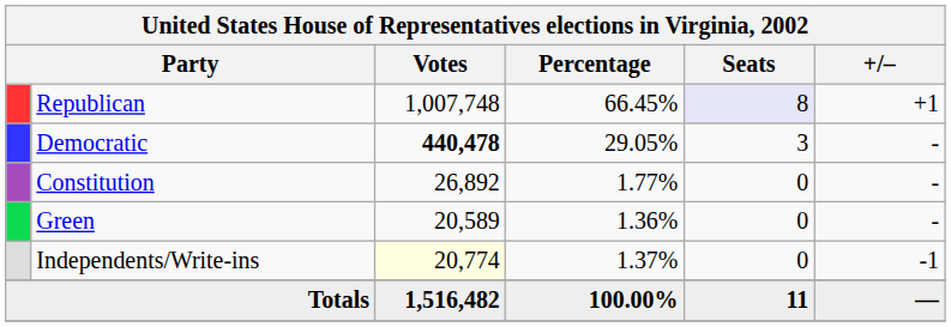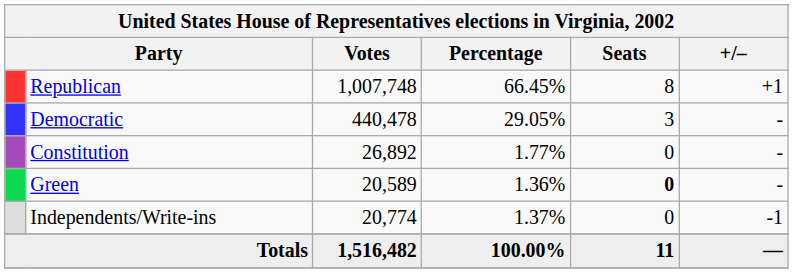 <table class="wikitable" style="font-size: 95%;">
 <tr>
 <th colspan="6">United States House of Representatives elections in Virginia, 2002</th>
 </tr>
 <tr>
 <th colspan=2 style="width: 15em">Party</th>
 <th style="width: 5em">Votes</th>
 <th style="width: 7em">Percentage</th>
 <th style="width: 5em">Seats</th>
 <th style="width: 5em">+/–</th>
 </tr>
 <tr>
 <th style="background-color:#FF3333; width: 3px"></th>
 <td style="width: 130px"><a href='#'>Republican</a></td>
 <td align="right">1,007,748</td>
 <td align="right">66.45%</td>
-<td align="right" style="background: lavender;">8</td>
+<td align="right">8</td>
 <td align="right">+1</td>
 </tr>
 <tr>
 <th style="background-color:#3333FF; width: 3px"></th>
 <td style="width: 130px"><a href='#'>Democratic</a></td>
-<td align="right"><strong>440,478</strong></td>
+<td align="right">440,478</td>
 <td align="right">29.05%</td>
 <td align="right">3</td>
 <td align="right">-</td>
 </tr>
 <tr>
 <th style="background-color:#A54CBA; width: 3px"></th>
 <td style="width: 130px"><a href='#'>Constitution</a></td>
 <td align="right">26,892</td>
 <td align="right">1.77%</td>
 <td align="right">0</td>
 <td align="right">-</td>
 </tr>
 <tr>
 <th style="background-color:#0BDA51; width: 3px"></th>
 <td style="width: 130px"><a href='#'>Green</a></td>
 <td align="right">20,589</td>
 <td align="right">1.36%</td>
-<td align="right">0</td>
+<td align="right"><strong>0</strong></td>
 <td align="right">-</td>
 </tr>
 <tr>
 <th style="background-color:#DDDDDD; width: 3px"></th>
 <td style="width: 130px">Independents/Write-ins</td>
-<td align="right" style="background: lightyellow;">20,774</td>
+<td align="right">20,774</td>
 <td align="right">1.37%</td>
 <td align="right">0</td>
 <td align="right">-1</td>
 </tr>
 <tr>
 </tr>
 <tr bgcolor="#EEEEEE">
 <td colspan="2" align="right"><strong>Totals</strong></td>
 <td align="right"><strong>1,516,482</strong></td>
 <td align="right"><strong>100.00%</strong></td>
 <td align="right"><strong>11</strong></td>
 <td align="right"><strong>—</strong></td>
 </tr>
 <tr bgcolor="#EEEEEE">
 </tr>
 </table>
